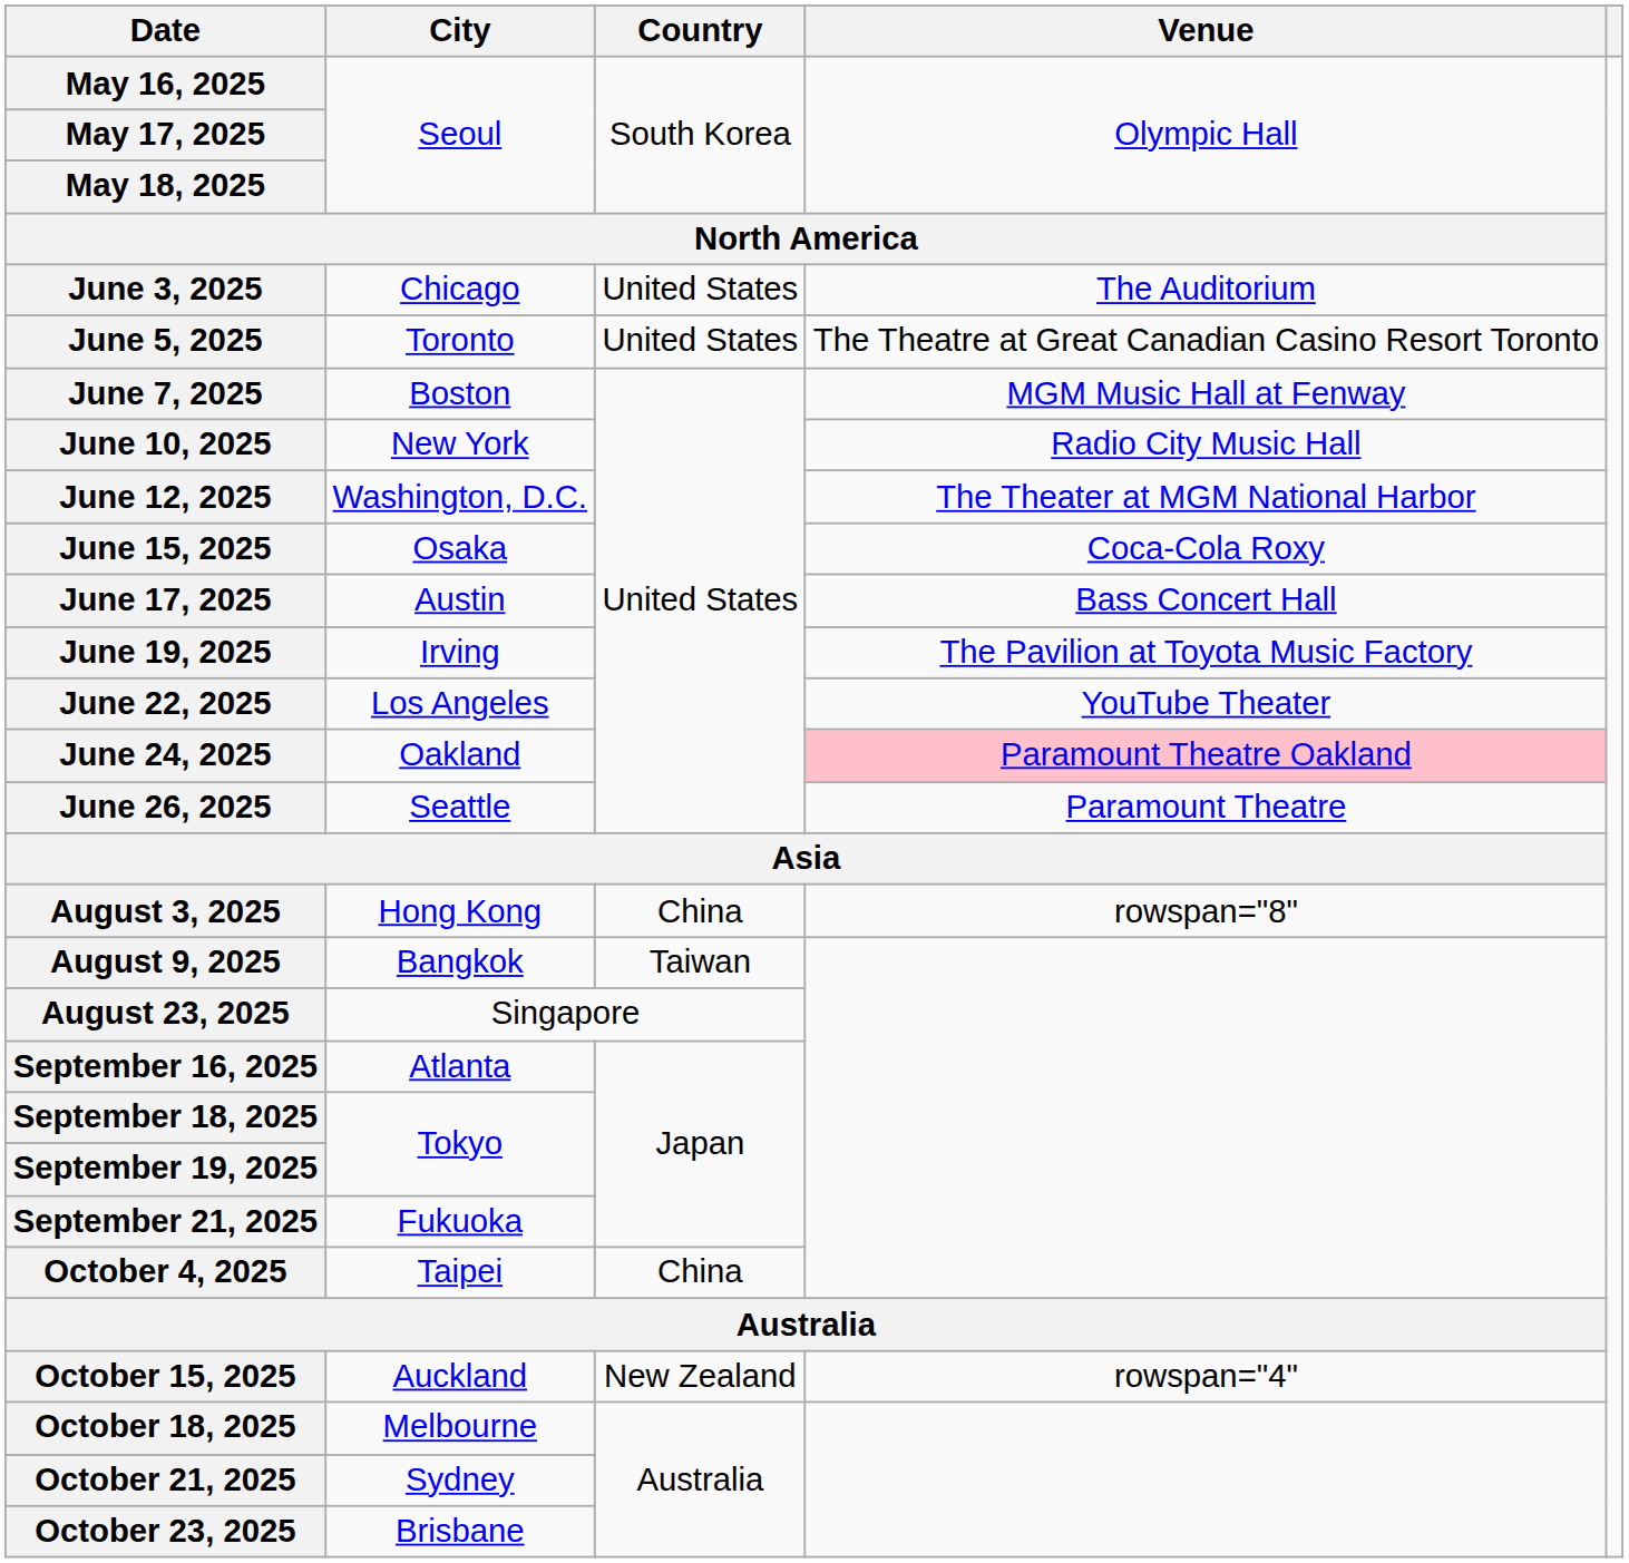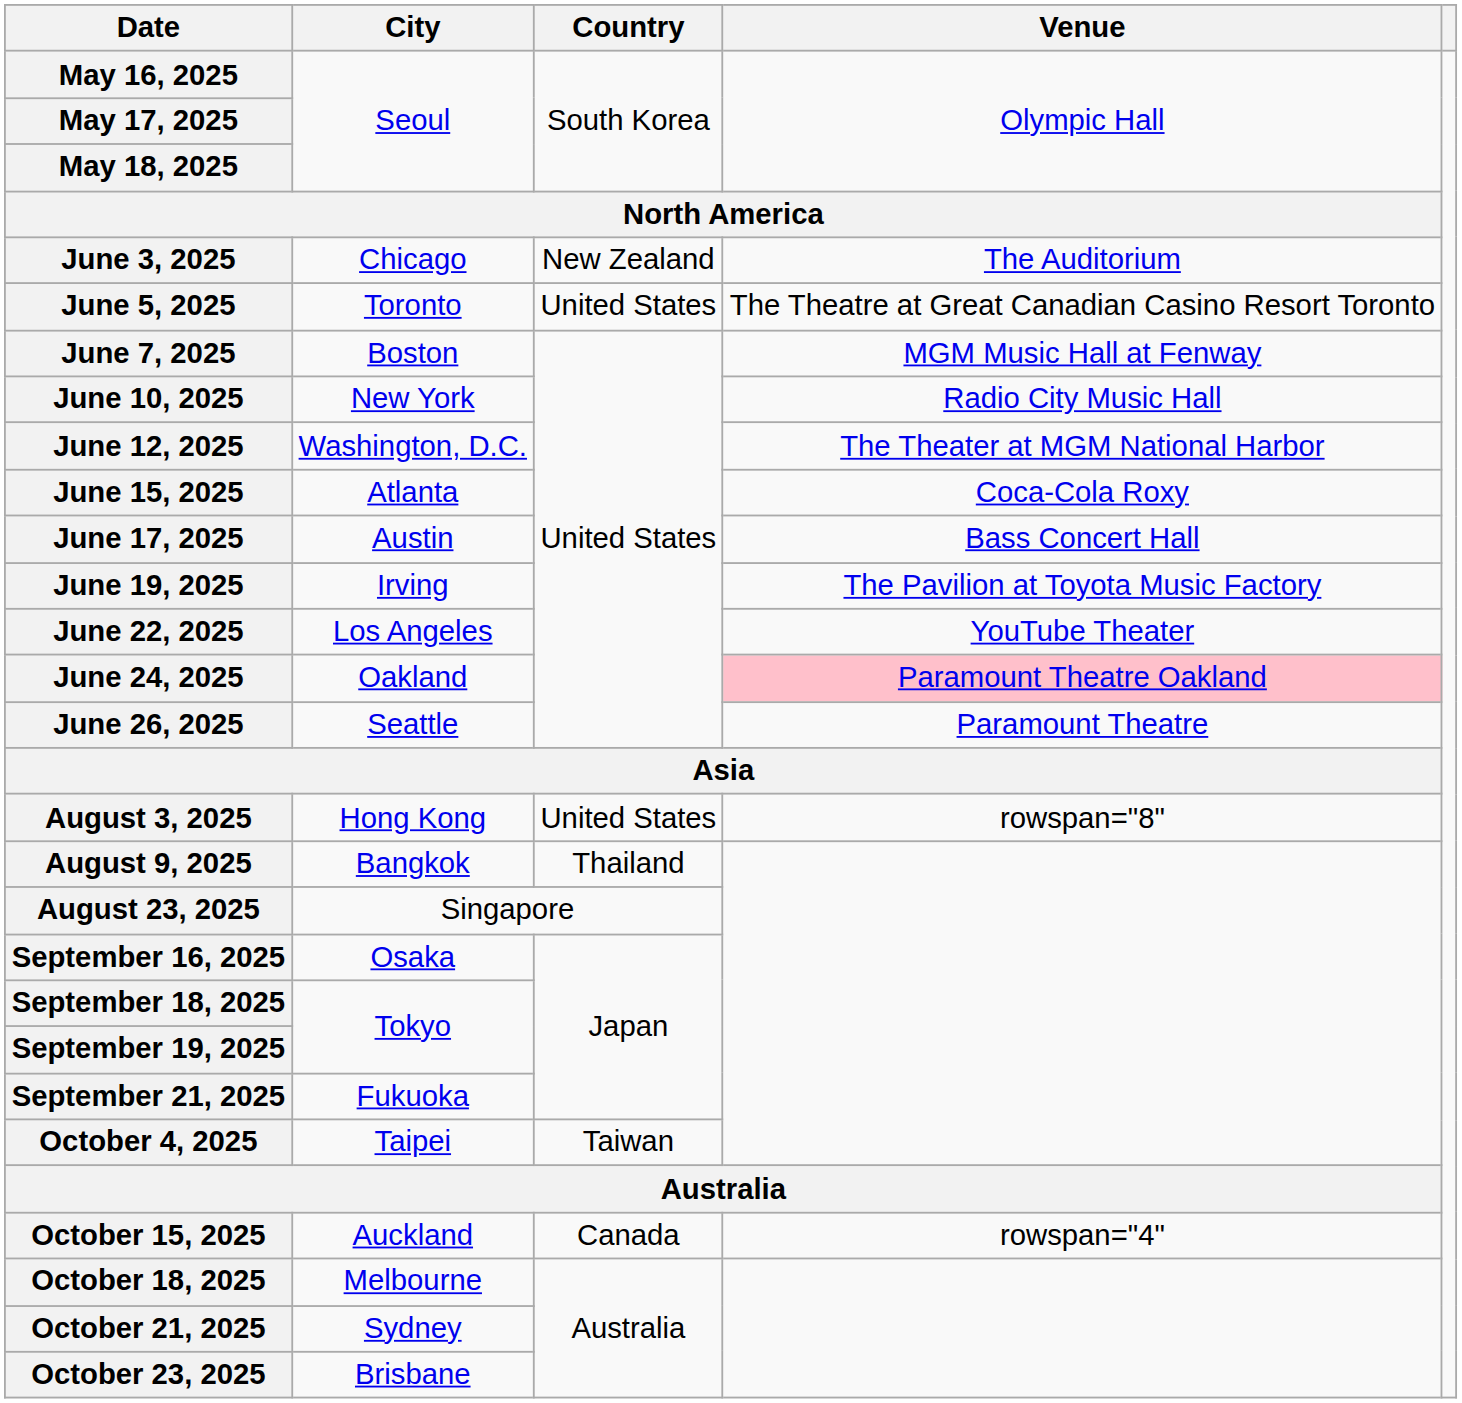 <table class="wikitable plainrowheaders" style="text-align:center">
 <tr>
 <th scope="col">Date</th>
 <th scope="col">City</th>
 <th scope="col">Country</th>
 <th scope="col">Venue</th>
 <th scope="col" class="unsortable"></th>
 </tr>
 <tr>
 <th scope="row">May 16, 2025</th>
 <td rowspan="3"><a href='#'>Seoul</a></td>
 <td rowspan="3">South Korea</td>
 <td rowspan="3"><a href='#'>Olympic Hall</a></td>
 <td rowspan="29"></td>
 </tr>
 <tr>
 <th scope="row">May 17, 2025</th>
 </tr>
 <tr>
 <th scope="row">May 18, 2025</th>
 </tr>
 <tr>
 <th colspan="4">North America</th>
 </tr>
 <tr>
 <th scope="row">June 3, 2025</th>
 <td><a href='#'>Chicago</a></td>
-<td>United States</td>
+<td>New Zealand</td>
 <td><a href='#'>The Auditorium</a></td>
 </tr>
 <tr>
 <th scope="row">June 5, 2025</th>
 <td><a href='#'>Toronto</a></td>
 <td>United States</td>
 <td>The Theatre at Great Canadian Casino Resort Toronto</td>
 </tr>
 <tr>
 <th scope="row">June 7, 2025</th>
 <td><a href='#'>Boston</a></td>
 <td rowspan="9">United States</td>
 <td><a href='#'>MGM Music Hall at Fenway</a></td>
 </tr>
 <tr>
 <th scope="row">June 10, 2025</th>
 <td><a href='#'>New York</a></td>
 <td><a href='#'>Radio City Music Hall</a></td>
 </tr>
 <tr>
 <th scope="row">June 12, 2025</th>
 <td><a href='#'>Washington, D.C.</a></td>
 <td><a href='#'>The Theater at MGM National Harbor</a></td>
 </tr>
 <tr>
 <th scope="row">June 15, 2025</th>
-<td><a href='#'>Osaka</a></td>
+<td><a href='#'>Atlanta</a></td>
 <td><a href='#'>Coca-Cola Roxy</a></td>
 </tr>
 <tr>
 <th scope="row">June 17, 2025</th>
 <td><a href='#'>Austin</a></td>
 <td><a href='#'>Bass Concert Hall</a></td>
 </tr>
 <tr>
 <th scope="row">June 19, 2025</th>
 <td><a href='#'>Irving</a></td>
 <td><a href='#'>The Pavilion at Toyota Music Factory</a></td>
 </tr>
 <tr>
 <th scope="row">June 22, 2025</th>
 <td><a href='#'>Los Angeles</a></td>
 <td><a href='#'>YouTube Theater</a></td>
 </tr>
 <tr>
 <th scope="row">June 24, 2025</th>
 <td><a href='#'>Oakland</a></td>
 <td style="background: pink;"><a href='#'>Paramount Theatre Oakland</a></td>
 </tr>
 <tr>
 <th scope="row">June 26, 2025</th>
 <td><a href='#'>Seattle</a></td>
 <td><a href='#'>Paramount Theatre</a></td>
 </tr>
 <tr>
 <th colspan="4">Asia</th>
 </tr>
 <tr>
 <th scope="row">August 3, 2025</th>
 <td><a href='#'>Hong Kong</a></td>
-<td>China</td>
+<td>United States</td>
 <td>rowspan="8" </td>
 </tr>
 <tr>
 <th scope="row">August 9, 2025</th>
 <td><a href='#'>Bangkok</a></td>
-<td>Taiwan</td>
+<td>Thailand</td>
 </tr>
 <tr>
 <th scope="row">August 23, 2025</th>
 <td colspan="2">Singapore</td>
 </tr>
 <tr>
 <th scope="row">September 16, 2025</th>
-<td><a href='#'>Atlanta</a></td>
+<td><a href='#'>Osaka</a></td>
 <td rowspan="4">Japan</td>
 </tr>
 <tr>
 <th scope="row">September 18, 2025</th>
 <td rowspan="2"><a href='#'>Tokyo</a></td>
 </tr>
 <tr>
 <th scope="row">September 19, 2025</th>
 </tr>
 <tr>
 <th scope="row">September 21, 2025</th>
 <td><a href='#'>Fukuoka</a></td>
 </tr>
 <tr>
 <th scope="row">October 4, 2025</th>
 <td><a href='#'>Taipei</a></td>
-<td>China</td>
+<td>Taiwan</td>
 </tr>
 <tr>
 <th colspan="4">Australia</th>
 </tr>
 <tr>
 <th scope="row">October 15, 2025</th>
 <td><a href='#'>Auckland</a></td>
-<td>New Zealand</td>
+<td>Canada</td>
 <td>rowspan="4" </td>
 </tr>
 <tr>
 <th scope="row">October 18, 2025</th>
 <td><a href='#'>Melbourne</a></td>
 <td rowspan="3">Australia</td>
 </tr>
 <tr>
 <th scope="row">October 21, 2025</th>
 <td><a href='#'>Sydney</a></td>
 </tr>
 <tr>
 <th scope="row">October 23, 2025</th>
 <td><a href='#'>Brisbane</a></td>
 </tr>
 </table>
